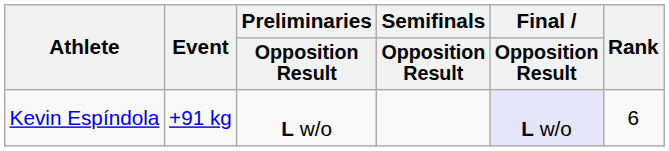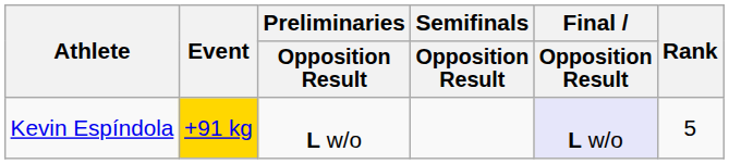 <table class="wikitable" style="font-size:90%;">
 <tr>
 <th rowspan=2>Athlete</th>
 <th rowspan=2>Event</th>
 <th>Preliminaries</th>
 <th>Semifinals</th>
 <th>Final / </th>
 <th rowspan=2>Rank</th>
 </tr>
 <tr style="font-size:95%">
 <th>Opposition<br>Result</th>
 <th>Opposition<br>Result</th>
 <th>Opposition<br>Result</th>
 </tr>
 <tr align=center>
 <td align=left><a href='#'>Kevin Espíndola</a></td>
-<td align=left><a href='#'>+91 kg</a></td>
+<td align=left style="background: gold;"><a href='#'>+91 kg</a></td>
 <td><br><strong>L</strong> w/o</td>
 <td></td>
 <td style="background: lavender;"><br><strong>L</strong> w/o</td>
-<td>6</td>
+<td>5</td>
 </tr>
 </table>
